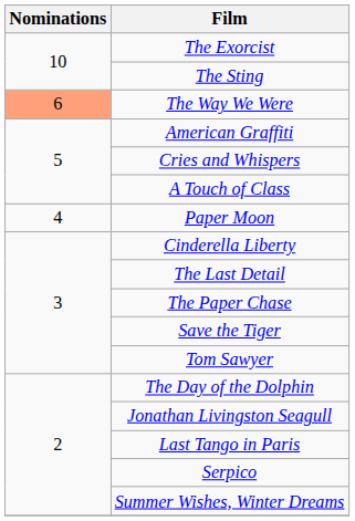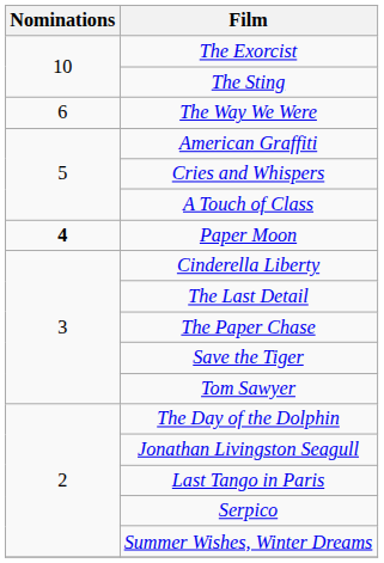 <table class="wikitable" rowspan="2" style="text-align:center;">
 <tr>
 <th scope="col" style="width:55px;">Nominations</th>
 <th scope="col" style="text-align:center;">Film</th>
 </tr>
 <tr>
 <td rowspan="2" style="text-align:center">10</td>
 <td><em><a href='#'>The Exorcist</a></em></td>
 </tr>
 <tr>
 <td><em><a href='#'>The Sting</a></em></td>
 </tr>
 <tr>
-<td rowspan="1" style="background: lightsalmon; text-align:center">6</td>
+<td rowspan="1" style="text-align:center">6</td>
 <td><em><a href='#'>The Way We Were</a></em></td>
 </tr>
 <tr>
 <td rowspan="3" style="text-align:center">5</td>
 <td><em><a href='#'>American Graffiti</a></em></td>
 </tr>
 <tr>
 <td><em><a href='#'>Cries and Whispers</a></em></td>
 </tr>
 <tr>
 <td><em><a href='#'>A Touch of Class</a></em></td>
 </tr>
 <tr>
-<td rowspan="1" style="text-align:center">4</td>
+<td rowspan="1" style="text-align:center"><strong>4</strong></td>
 <td><em><a href='#'>Paper Moon</a></em></td>
 </tr>
 <tr>
 <td rowspan="5" style="text-align:center">3</td>
 <td><em><a href='#'>Cinderella Liberty</a></em></td>
 </tr>
 <tr>
 <td><em><a href='#'>The Last Detail</a></em></td>
 </tr>
 <tr>
 <td><em><a href='#'>The Paper Chase</a></em></td>
 </tr>
 <tr>
 <td><em><a href='#'>Save the Tiger</a></em></td>
 </tr>
 <tr>
 <td><em><a href='#'>Tom Sawyer</a></em></td>
 </tr>
 <tr>
 <td rowspan="5" style="text-align:center">2</td>
 <td><em><a href='#'>The Day of the Dolphin</a></em></td>
 </tr>
 <tr>
 <td><em><a href='#'>Jonathan Livingston Seagull</a></em></td>
 </tr>
 <tr>
 <td><em><a href='#'>Last Tango in Paris</a></em></td>
 </tr>
 <tr>
 <td><em><a href='#'>Serpico</a></em></td>
 </tr>
 <tr>
 <td><em><a href='#'>Summer Wishes, Winter Dreams</a></em></td>
 </tr>
 <tr>
 </tr>
 </table>
